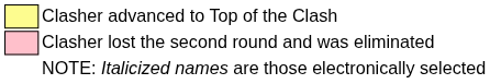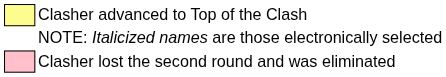 <table class="toccolours" style="white-space: nowrap;">
 <tr>
 <td style="background:#fdfc8f; border: 1px solid black">    </td>
 <td>Clasher advanced to Top of the Clash</td>
 </tr>
 <tr>
+<td style="background:none; border: 0px solid black">    </td>
+<td>NOTE: <em>Italicized names</em> are those electronically selected</td>
+</tr>
+<tr>
 <td style="background:pink; border:1px solid black;">      </td>
 <td>Clasher lost the second round and was eliminated</td>
 </tr>
-<tr>
-<td style="background:none; border: 0px solid black">    </td>
-<td>NOTE: <em>Italicized names</em> are those electronically selected</td>
-</tr>
 </table>
